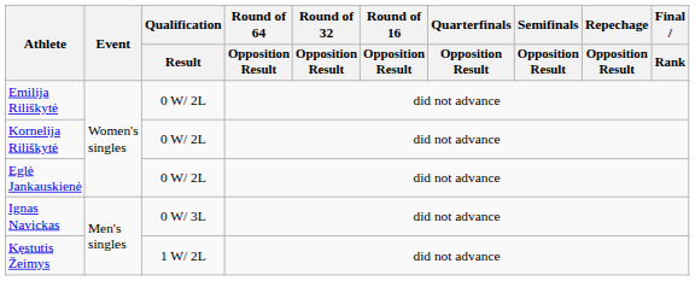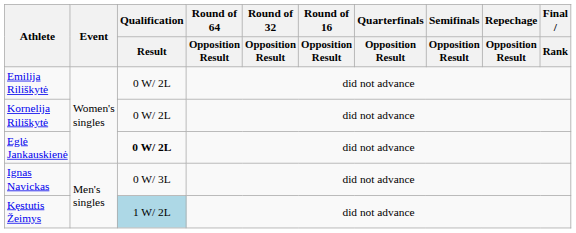 <table class="wikitable" style="font-size:90%">
 <tr>
 <th rowspan="2">Athlete</th>
 <th rowspan="2">Event</th>
 <th>Qualification</th>
 <th>Round of 64</th>
 <th>Round of 32</th>
 <th>Round of 16</th>
 <th>Quarterfinals</th>
 <th>Semifinals</th>
 <th>Repechage</th>
 <th colspan=2>Final / </th>
 </tr>
 <tr style="font-size:95%">
 <th>Result</th>
 <th>Opposition<br>Result</th>
 <th>Opposition<br>Result</th>
 <th>Opposition<br>Result</th>
 <th>Opposition<br>Result</th>
 <th>Opposition<br>Result</th>
 <th>Opposition<br>Result</th>
 <th>Rank</th>
 </tr>
 <tr align=center>
 <td align=left><a href='#'>Emilija Riliškytė</a></td>
 <td align=left rowspan="3">Women's singles</td>
 <td>0 W/ 2L</td>
 <td colspan=7>did not advance</td>
 </tr>
 <tr align=center>
 <td align=left><a href='#'>Kornelija Riliškytė</a></td>
 <td>0 W/ 2L</td>
 <td colspan=7>did not advance</td>
 </tr>
 <tr align=center>
 <td align=left><a href='#'>Eglė Jankauskienė</a></td>
-<td>0 W/ 2L</td>
+<td><strong>0 W/ 2L</strong></td>
 <td colspan=7>did not advance</td>
 </tr>
 <tr align=center>
 <td align=left><a href='#'>Ignas Navickas</a></td>
 <td align=left rowspan="2">Men's singles</td>
 <td>0 W/ 3L</td>
 <td colspan=7>did not advance</td>
 </tr>
 <tr align=center>
 <td align=left><a href='#'>Kęstutis Žeimys</a></td>
-<td>1 W/ 2L</td>
+<td style="background: lightblue;">1 W/ 2L</td>
 <td colspan=7>did not advance</td>
 </tr>
 </table>
